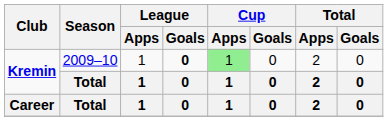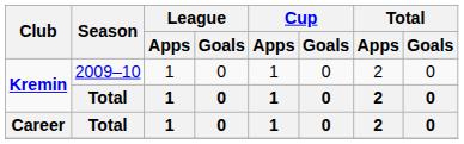 <table class="wikitable sortable" style="text-align: center;">
 <tr>
 <th rowspan="2">Club</th>
 <th rowspan="2">Season</th>
 <th colspan="2">League</th>
 <th colspan="2"><a href='#'>Cup</a></th>
 <th colspan="2">Total</th>
 </tr>
 <tr>
 <th>Apps</th>
 <th>Goals</th>
 <th>Apps</th>
 <th>Goals</th>
 <th>Apps</th>
 <th>Goals</th>
 </tr>
 <tr>
 <td rowspan="2"><strong><a href='#'>Kremin</a></strong></td>
 <td><a href='#'>2009–10</a></td>
 <td>1</td>
-<td><strong>0</strong></td>
-<td style="background: lightgreen;">1</td>
+<td>0</td>
+<td>1</td>
 <td>0</td>
 <td>2</td>
 <td>0</td>
 </tr>
 <tr>
 <th>Total</th>
 <th>1</th>
 <th>0</th>
 <th>1</th>
 <th>0</th>
 <th>2</th>
 <th>0</th>
 </tr>
 <tr>
 <th>Career</th>
 <th>Total</th>
 <th>1</th>
 <th>0</th>
 <th>1</th>
 <th>0</th>
 <th>2</th>
 <th>0</th>
 </tr>
 <tr>
 </tr>
 </table>
